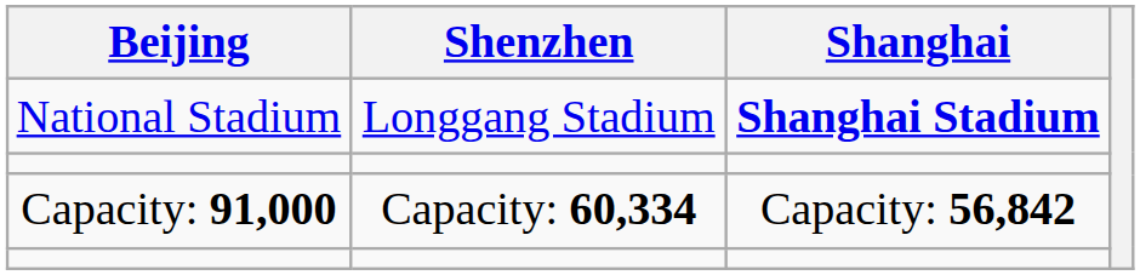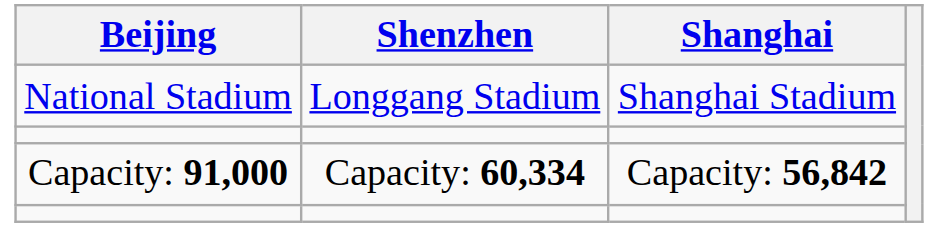 <table class="wikitable" style="margin:0.5em auto; text-align:center">
 <tr>
 <th><a href='#'>Beijing</a></th>
 <th><a href='#'>Shenzhen</a></th>
 <th><a href='#'>Shanghai</a></th>
 <th rowspan="5"><br></th>
 </tr>
 <tr>
 <td><a href='#'>National Stadium</a></td>
 <td><a href='#'>Longgang Stadium</a></td>
-<td><strong><a href='#'>Shanghai Stadium</a></strong></td>
+<td><a href='#'>Shanghai Stadium</a></td>
 </tr>
 <tr>
 <td><small></small></td>
 <td><small></small></td>
 <td><small></small></td>
 </tr>
 <tr>
 <td>Capacity: <strong>91,000</strong></td>
 <td>Capacity: <strong>60,334</strong></td>
 <td>Capacity: <strong>56,842</strong></td>
 </tr>
 <tr>
 <td></td>
 <td></td>
 <td></td>
 </tr>
 </table>
